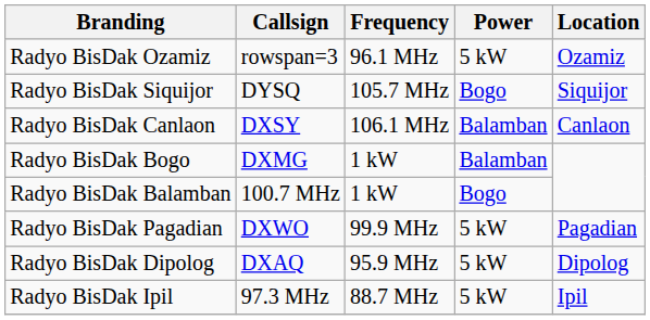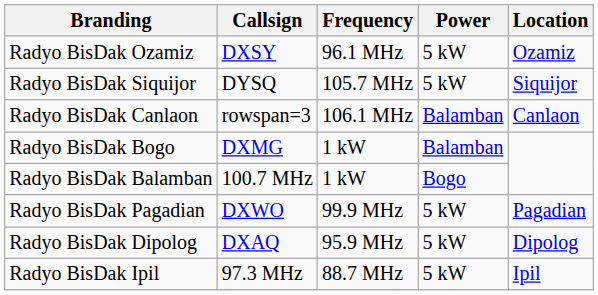 <table class="wikitable">
 <tr>
 <th>Branding</th>
 <th>Callsign</th>
 <th>Frequency</th>
 <th>Power</th>
 <th>Location</th>
 </tr>
 <tr>
 <td>Radyo BisDak Ozamiz</td>
-<td>rowspan=3 </td>
+<td><a href='#'>DXSY</a></td>
 <td>96.1 MHz</td>
 <td>5 kW</td>
 <td><a href='#'>Ozamiz</a></td>
 </tr>
 <tr>
 <td>Radyo BisDak Siquijor</td>
 <td>DYSQ</td>
 <td>105.7 MHz</td>
-<td><a href='#'>Bogo</a></td>
+<td>5 kW</td>
 <td><a href='#'>Siquijor</a></td>
 </tr>
 <tr>
 <td>Radyo BisDak Canlaon</td>
-<td><a href='#'>DXSY</a></td>
+<td>rowspan=3 </td>
 <td>106.1 MHz</td>
 <td><a href='#'>Balamban</a></td>
 <td><a href='#'>Canlaon</a></td>
 </tr>
 <tr>
 <td>Radyo BisDak Bogo</td>
 <td><a href='#'>DXMG</a></td>
 <td>1 kW</td>
 <td><a href='#'>Balamban</a></td>
 </tr>
 <tr>
 <td>Radyo BisDak Balamban</td>
 <td>100.7 MHz</td>
 <td>1 kW</td>
 <td><a href='#'>Bogo</a></td>
 </tr>
 <tr>
 <td>Radyo BisDak Pagadian</td>
 <td><a href='#'>DXWO</a></td>
 <td>99.9 MHz</td>
 <td>5 kW</td>
 <td><a href='#'>Pagadian</a></td>
 </tr>
 <tr>
 <td>Radyo BisDak Dipolog</td>
 <td><a href='#'>DXAQ</a></td>
 <td>95.9 MHz</td>
 <td>5 kW</td>
 <td><a href='#'>Dipolog</a></td>
 </tr>
 <tr>
 <td>Radyo BisDak Ipil</td>
 <td>97.3 MHz</td>
 <td>88.7 MHz</td>
 <td>5 kW</td>
 <td><a href='#'>Ipil</a></td>
 </tr>
 <tr>
 </tr>
 </table>
